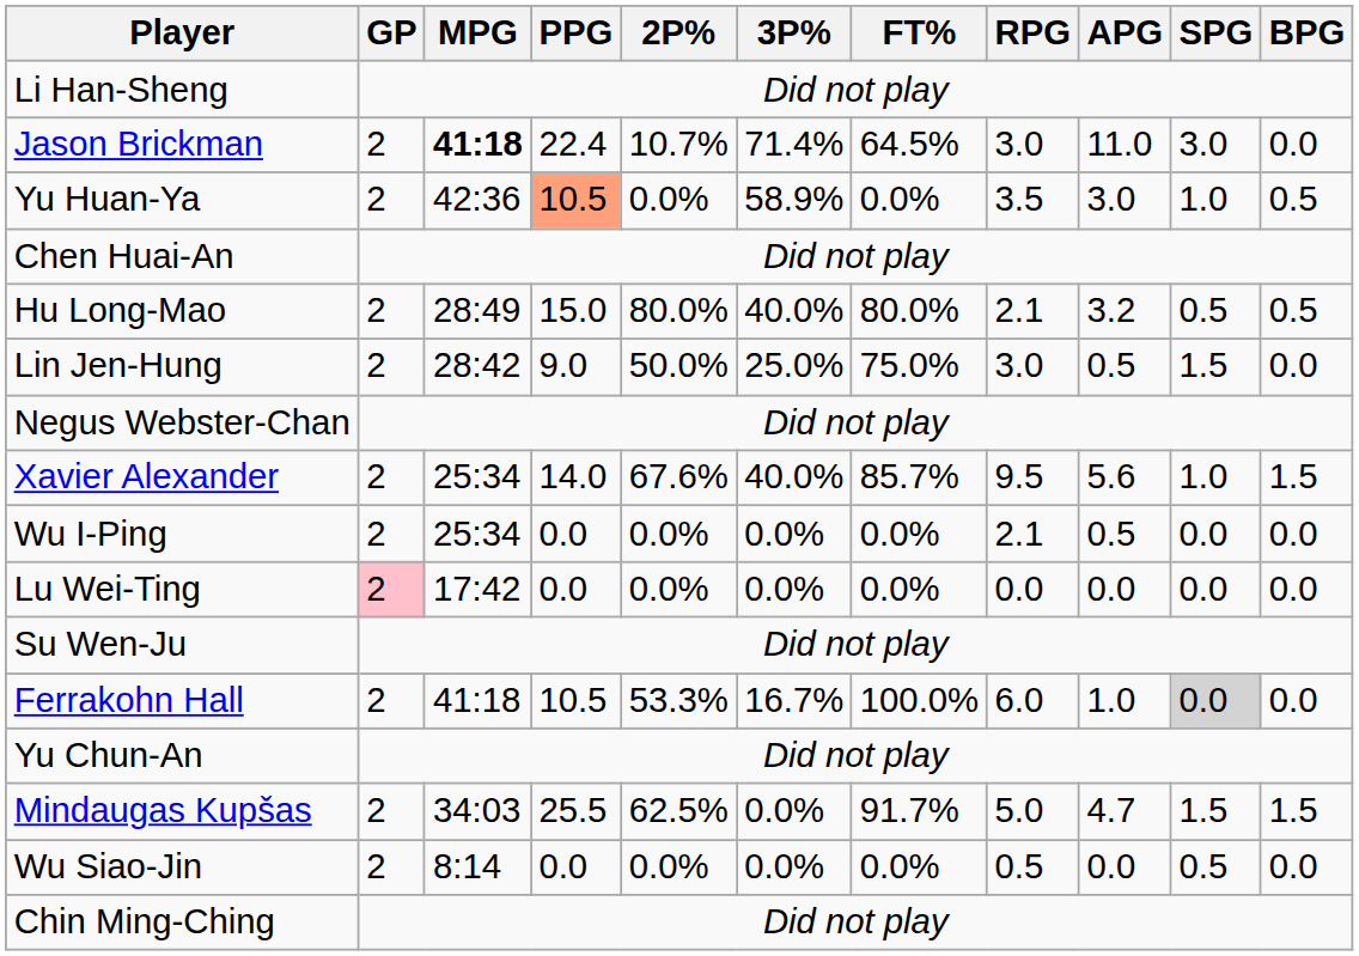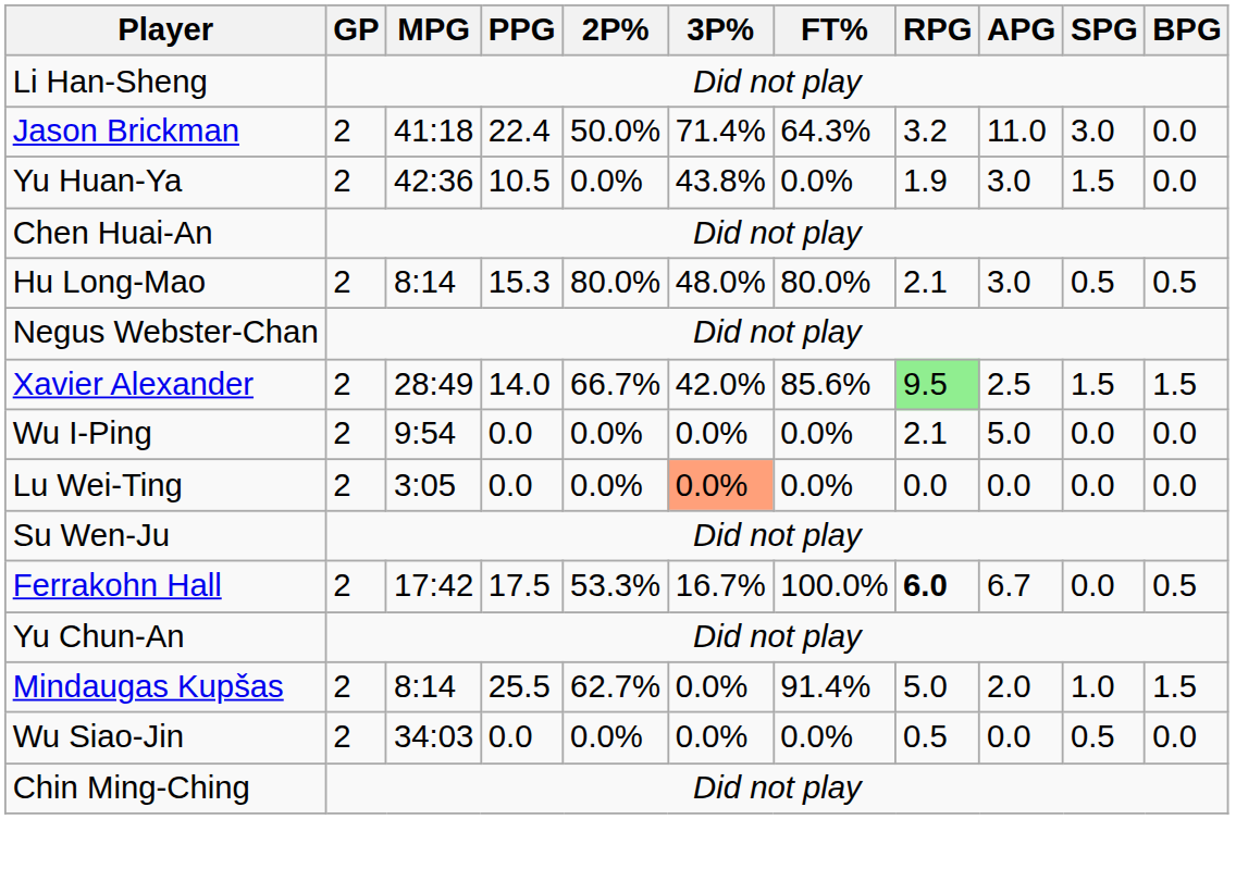 <table class="wikitable">
 <tr>
 <th>Player</th>
 <th>GP</th>
 <th>MPG</th>
 <th>PPG</th>
 <th>2P%</th>
 <th>3P%</th>
 <th>FT%</th>
 <th>RPG</th>
 <th>APG</th>
 <th>SPG</th>
 <th>BPG</th>
 </tr>
 <tr>
 <td>Li Han-Sheng</td>
 <td colspan=10 align=center><em>Did not play</em></td>
 </tr>
 <tr>
 <td><a href='#'>Jason Brickman</a></td>
 <td>2</td>
-<td><strong>41:18</strong></td>
+<td>41:18</td>
 <td>22.4</td>
-<td>10.7%</td>
+<td>50.0%</td>
 <td>71.4%</td>
-<td>64.5%</td>
-<td>3.0</td>
+<td>64.3%</td>
+<td>3.2</td>
 <td>11.0</td>
 <td>3.0</td>
 <td>0.0</td>
 </tr>
 <tr>
 <td>Yu Huan-Ya</td>
 <td>2</td>
 <td>42:36</td>
-<td style="background: lightsalmon;">10.5</td>
+<td>10.5</td>
 <td>0.0%</td>
-<td>58.9%</td>
+<td>43.8%</td>
 <td>0.0%</td>
-<td>3.5</td>
+<td>1.9</td>
 <td>3.0</td>
-<td>1.0</td>
-<td>0.5</td>
+<td>1.5</td>
+<td>0.0</td>
 </tr>
 <tr>
 <td>Chen Huai-An</td>
 <td colspan=10 align=center><em>Did not play</em></td>
 </tr>
 <tr>
 <td>Hu Long-Mao</td>
 <td>2</td>
-<td>28:49</td>
-<td>15.0</td>
+<td>8:14</td>
+<td>15.3</td>
 <td>80.0%</td>
-<td>40.0%</td>
+<td>48.0%</td>
 <td>80.0%</td>
 <td>2.1</td>
-<td>3.2</td>
+<td>3.0</td>
 <td>0.5</td>
 <td>0.5</td>
-</tr>
-<tr>
-<td>Lin Jen-Hung</td>
-<td>2</td>
-<td>28:42</td>
-<td>9.0</td>
-<td>50.0%</td>
-<td>25.0%</td>
-<td>75.0%</td>
-<td>3.0</td>
-<td>0.5</td>
-<td>1.5</td>
-<td>0.0</td>
 </tr>
 <tr>
 <td>Negus Webster-Chan</td>
 <td colspan=10 align=center><em>Did not play</em></td>
 </tr>
 <tr>
 <td><a href='#'>Xavier Alexander</a></td>
 <td>2</td>
-<td>25:34</td>
+<td>28:49</td>
 <td>14.0</td>
-<td>67.6%</td>
-<td>40.0%</td>
-<td>85.7%</td>
-<td>9.5</td>
-<td>5.6</td>
-<td>1.0</td>
+<td>66.7%</td>
+<td>42.0%</td>
+<td>85.6%</td>
+<td style="background: lightgreen;">9.5</td>
+<td>2.5</td>
+<td>1.5</td>
 <td>1.5</td>
 </tr>
 <tr>
 <td>Wu I-Ping</td>
 <td>2</td>
-<td>25:34</td>
+<td>9:54</td>
 <td>0.0</td>
 <td>0.0%</td>
 <td>0.0%</td>
 <td>0.0%</td>
 <td>2.1</td>
-<td>0.5</td>
+<td>5.0</td>
 <td>0.0</td>
 <td>0.0</td>
 </tr>
 <tr>
 <td>Lu Wei-Ting</td>
-<td style="background: pink;">2</td>
-<td>17:42</td>
+<td>2</td>
+<td>3:05</td>
 <td>0.0</td>
 <td>0.0%</td>
-<td>0.0%</td>
+<td style="background: lightsalmon;">0.0%</td>
 <td>0.0%</td>
 <td>0.0</td>
 <td>0.0</td>
 <td>0.0</td>
 <td>0.0</td>
 </tr>
 <tr>
 <td>Su Wen-Ju</td>
 <td colspan=10 align=center><em>Did not play</em></td>
 </tr>
 <tr>
 <td><a href='#'>Ferrakohn Hall</a></td>
 <td>2</td>
-<td>41:18</td>
-<td>10.5</td>
+<td>17:42</td>
+<td>17.5</td>
 <td>53.3%</td>
 <td>16.7%</td>
 <td>100.0%</td>
-<td>6.0</td>
-<td>1.0</td>
-<td style="background: lightgrey;">0.0</td>
+<td><strong>6.0</strong></td>
+<td>6.7</td>
 <td>0.0</td>
+<td>0.5</td>
 </tr>
 <tr>
 <td>Yu Chun-An</td>
 <td colspan=10 align=center><em>Did not play</em></td>
 </tr>
 <tr>
 <td><a href='#'>Mindaugas Kupšas</a></td>
 <td>2</td>
-<td>34:03</td>
+<td>8:14</td>
 <td>25.5</td>
-<td>62.5%</td>
+<td>62.7%</td>
 <td>0.0%</td>
-<td>91.7%</td>
+<td>91.4%</td>
 <td>5.0</td>
-<td>4.7</td>
-<td>1.5</td>
+<td>2.0</td>
+<td>1.0</td>
 <td>1.5</td>
 </tr>
 <tr>
 <td>Wu Siao-Jin</td>
 <td>2</td>
-<td>8:14</td>
+<td>34:03</td>
 <td>0.0</td>
 <td>0.0%</td>
 <td>0.0%</td>
 <td>0.0%</td>
 <td>0.5</td>
 <td>0.0</td>
 <td>0.5</td>
 <td>0.0</td>
 </tr>
 <tr>
 <td>Chin Ming-Ching</td>
 <td colspan=10 align=center><em>Did not play</em></td>
 </tr>
 </table>
